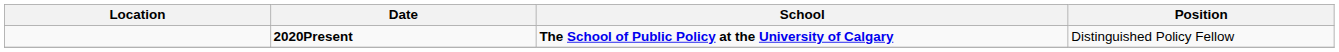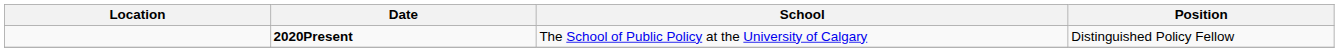 <table class="wikitable" style="width:100%;">
 <tr>
 <th style="width:20%;">Location</th>
 <th style="width:20%;">Date</th>
 <th style="width:40%;">School</th>
 <th style="width:20%;">Position</th>
 </tr>
 <tr>
 <td></td>
 <td><strong>2020Present</strong></td>
-<td><strong>The <a href='#'>School of Public Policy</a> at the <a href='#'>University of Calgary</a></strong></td>
+<td>The <a href='#'>School of Public Policy</a> at the <a href='#'>University of Calgary</a></td>
 <td>Distinguished Policy Fellow</td>
 </tr>
 <tr>
 </tr>
 </table>
